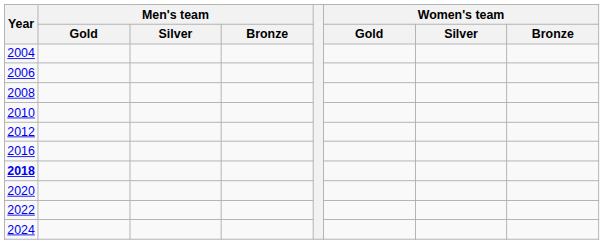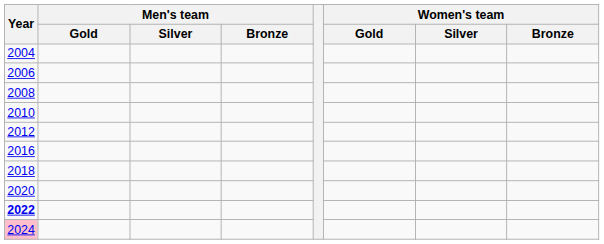 <table class=wikitable style="font-size:90%; text-align:center">
 <tr>
 <th rowspan=2>Year</th>
 <th colspan=3>Men's team</th>
 <th width=5 rowspan=12></th>
 <th colspan=3>Women's team</th>
 </tr>
 <tr>
 <th width=100>Gold</th>
 <th width=100>Silver</th>
 <th width=100>Bronze</th>
 <th width=100>Gold</th>
 <th width=100>Silver</th>
 <th width=100>Bronze</th>
 </tr>
 <tr>
 <td><a href='#'>2004</a></td>
 <td></td>
 <td></td>
 <td></td>
 <td></td>
 <td></td>
 <td></td>
 </tr>
 <tr>
 <td><a href='#'>2006</a></td>
 <td></td>
 <td></td>
 <td></td>
 <td></td>
 <td></td>
 <td></td>
 </tr>
 <tr>
 <td><a href='#'>2008</a></td>
 <td></td>
 <td></td>
 <td><br></td>
 <td></td>
 <td></td>
 <td><br></td>
 </tr>
 <tr>
 <td><a href='#'>2010</a></td>
 <td></td>
 <td></td>
 <td><br></td>
 <td></td>
 <td></td>
 <td><br></td>
 </tr>
 <tr>
 <td><a href='#'>2012</a></td>
 <td></td>
 <td></td>
 <td><br></td>
 <td></td>
 <td></td>
 <td><br></td>
 </tr>
 <tr>
 <td><a href='#'>2016</a></td>
 <td></td>
 <td></td>
 <td><br></td>
 <td></td>
 <td></td>
 <td><br></td>
 </tr>
 <tr>
-<td><strong><a href='#'>2018</a></strong></td>
+<td><a href='#'>2018</a></td>
 <td></td>
 <td></td>
 <td><br></td>
 <td></td>
 <td></td>
 <td><br></td>
 </tr>
 <tr>
 <td><a href='#'>2020</a></td>
 <td></td>
 <td></td>
 <td><br></td>
 <td></td>
 <td></td>
 <td></td>
 </tr>
 <tr>
-<td><a href='#'>2022</a></td>
+<td><strong><a href='#'>2022</a></strong></td>
 <td></td>
 <td></td>
 <td><br></td>
 <td></td>
 <td></td>
 <td><br></td>
 </tr>
 <tr>
-<td><a href='#'>2024</a></td>
+<td style="background: pink;"><a href='#'>2024</a></td>
 <td></td>
 <td></td>
 <td><br></td>
 <td></td>
 <td></td>
 <td><br></td>
 </tr>
 </table>
